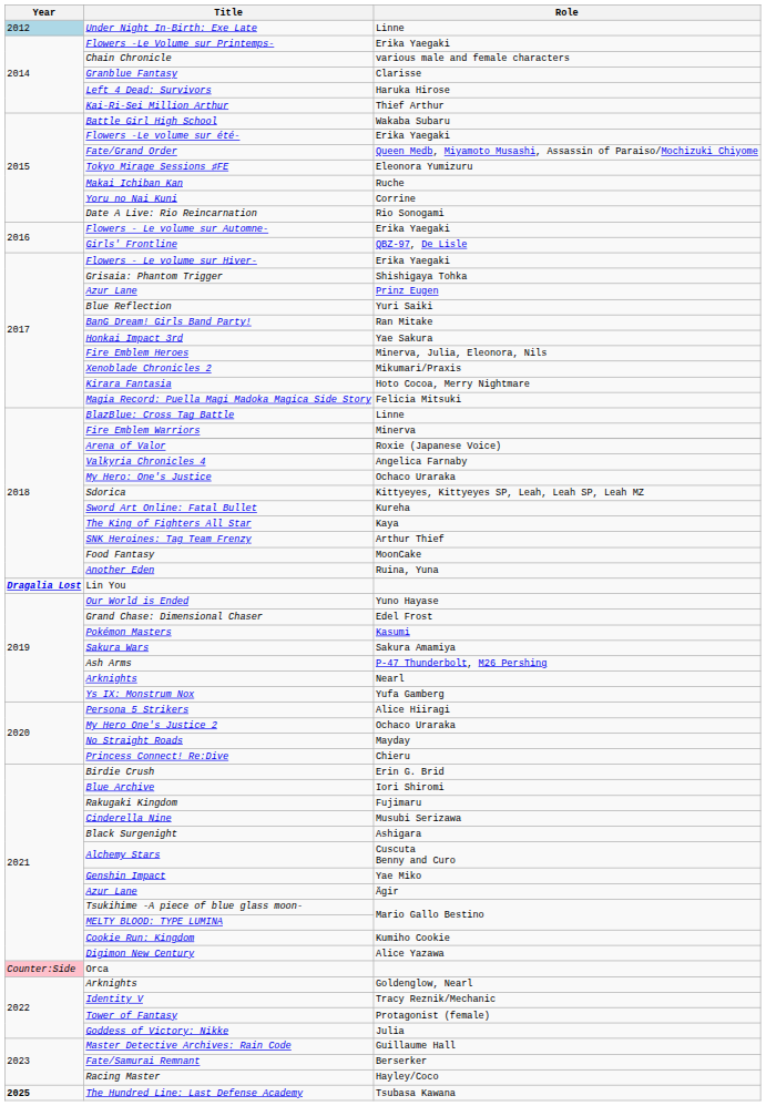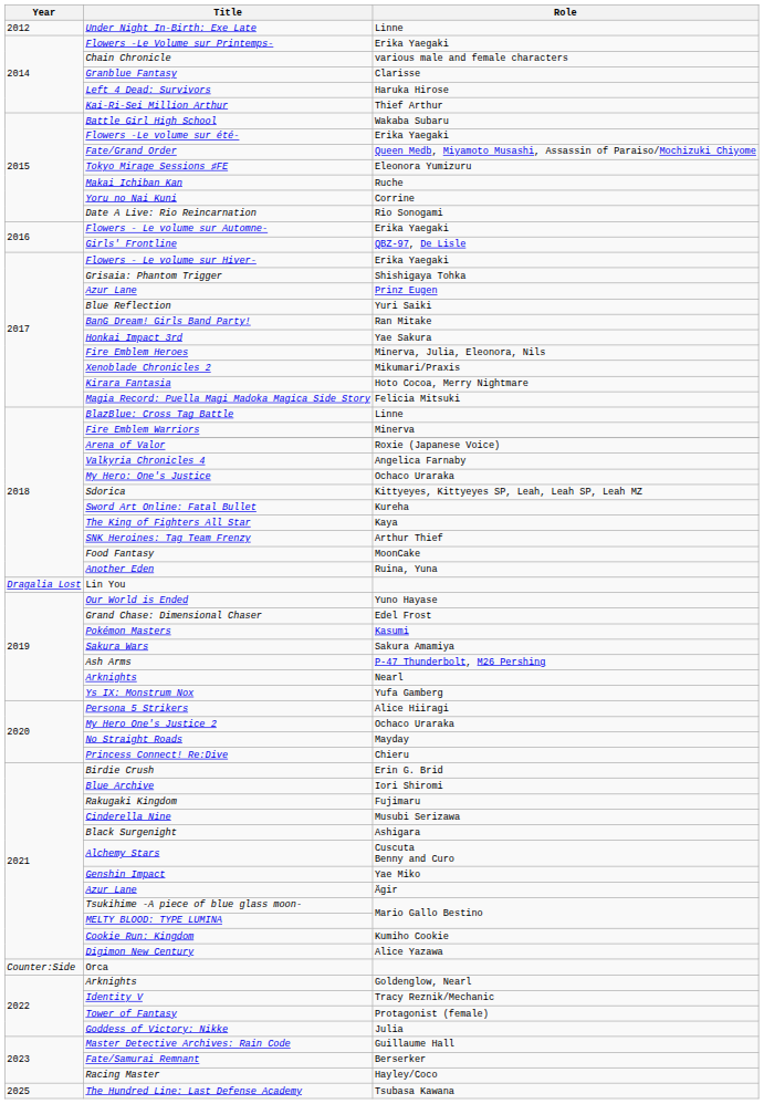 <table class="wikitable">
 <tr>
 <th>Year</th>
 <th>Title</th>
 <th>Role</th>
 </tr>
 <tr>
-<td style="background: lightblue;">2012</td>
+<td>2012</td>
 <td><em><a href='#'>Under Night In-Birth: Exe Late</a></em></td>
 <td>Linne</td>
 </tr>
 <tr>
 <td rowspan="5">2014</td>
 <td><em><a href='#'>Flowers -Le Volume sur Printemps-</a></em></td>
 <td>Erika Yaegaki</td>
 </tr>
 <tr>
 <td><em>Chain Chronicle</em></td>
 <td>various male and female characters</td>
 </tr>
 <tr>
 <td><em><a href='#'>Granblue Fantasy</a></em></td>
 <td>Clarisse</td>
 </tr>
 <tr>
 <td><em><a href='#'>Left 4 Dead: Survivors</a></em></td>
 <td>Haruka Hirose</td>
 </tr>
 <tr>
 <td><em><a href='#'>Kai-Ri-Sei Million Arthur</a></em></td>
 <td>Thief Arthur</td>
 </tr>
 <tr>
 <td rowspan="7">2015</td>
 <td><em><a href='#'>Battle Girl High School</a></em></td>
 <td>Wakaba Subaru</td>
 </tr>
 <tr>
 <td><em><a href='#'>Flowers -Le volume sur été-</a></em></td>
 <td>Erika Yaegaki</td>
 </tr>
 <tr>
 <td><em><a href='#'>Fate/Grand Order</a></em></td>
 <td><a href='#'>Queen Medb</a>, <a href='#'>Miyamoto Musashi</a>, Assassin of Paraiso/<a href='#'>Mochizuki Chiyome</a></td>
 </tr>
 <tr>
 <td><em><a href='#'>Tokyo Mirage Sessions ♯FE</a></em></td>
 <td>Eleonora Yumizuru</td>
 </tr>
 <tr>
 <td><em><a href='#'>Makai Ichiban Kan</a></em></td>
 <td>Ruche</td>
 </tr>
 <tr>
 <td><em><a href='#'>Yoru no Nai Kuni</a></em></td>
 <td>Corrine</td>
 </tr>
 <tr>
 <td><em>Date A Live: Rio Reincarnation</em></td>
 <td>Rio Sonogami</td>
 </tr>
 <tr>
 <td rowspan="2">2016</td>
 <td><em><a href='#'>Flowers - Le volume sur Automne-</a></em></td>
 <td>Erika Yaegaki</td>
 </tr>
 <tr>
 <td><em><a href='#'>Girls' Frontline</a></em></td>
 <td><a href='#'>QBZ-97</a>, <a href='#'>De Lisle</a></td>
 </tr>
 <tr>
 <td rowspan="10">2017</td>
 <td><em><a href='#'>Flowers - Le volume sur Hiver-</a></em></td>
 <td>Erika Yaegaki</td>
 </tr>
 <tr>
 <td><em>Grisaia: Phantom Trigger</em></td>
 <td>Shishigaya Tohka</td>
 </tr>
 <tr>
 <td><em><a href='#'>Azur Lane</a></em></td>
 <td><a href='#'>Prinz Eugen</a></td>
 </tr>
 <tr>
 <td><em>Blue Reflection</em></td>
 <td>Yuri Saiki</td>
 </tr>
 <tr>
 <td><em><a href='#'>BanG Dream! Girls Band Party!</a></em></td>
 <td>Ran Mitake</td>
 </tr>
 <tr>
 <td><em><a href='#'>Honkai Impact 3rd</a></em></td>
 <td>Yae Sakura</td>
 </tr>
 <tr>
 <td><em><a href='#'>Fire Emblem Heroes</a></em></td>
 <td>Minerva, Julia, Eleonora, Nils</td>
 </tr>
 <tr>
 <td><em><a href='#'>Xenoblade Chronicles 2</a></em></td>
 <td>Mikumari/Praxis</td>
 </tr>
 <tr>
 <td><em><a href='#'>Kirara Fantasia</a></em></td>
 <td>Hoto Cocoa, Merry Nightmare</td>
 </tr>
 <tr>
 <td><em><a href='#'>Magia Record: Puella Magi Madoka Magica Side Story</a></em></td>
 <td>Felicia Mitsuki</td>
 </tr>
 <tr>
 <td rowspan="12">2018</td>
 <td><em><a href='#'>BlazBlue: Cross Tag Battle</a></em></td>
 <td>Linne</td>
 </tr>
 <tr>
 <td><em><a href='#'>Fire Emblem Warriors</a></em></td>
 <td>Minerva</td>
 </tr>
 <tr>
 </tr>
 <tr>
 <td><em><a href='#'>Arena of Valor</a></em></td>
 <td>Roxie (Japanese Voice)</td>
 </tr>
 <tr>
 <td><em><a href='#'>Valkyria Chronicles 4</a></em></td>
 <td>Angelica Farnaby</td>
 </tr>
 <tr>
 <td><em><a href='#'>My Hero: One's Justice</a></em></td>
 <td>Ochaco Uraraka</td>
 </tr>
 <tr>
 <td><em>Sdorica</em></td>
 <td>Kittyeyes, Kittyeyes SP, Leah, Leah SP, Leah MZ</td>
 </tr>
 <tr>
 <td><em><a href='#'>Sword Art Online: Fatal Bullet</a></em></td>
 <td>Kureha</td>
 </tr>
 <tr>
 <td><em><a href='#'>The King of Fighters All Star</a></em></td>
 <td>Kaya</td>
 </tr>
 <tr>
 <td><em><a href='#'>SNK Heroines: Tag Team Frenzy</a></em></td>
 <td>Arthur Thief</td>
 </tr>
 <tr>
 <td><em>Food Fantasy</em></td>
 <td>MoonCake</td>
 </tr>
 <tr>
 <td><em><a href='#'>Another Eden</a></em></td>
 <td>Ruina, Yuna</td>
 </tr>
 <tr>
-<td><strong><em><a href='#'>Dragalia Lost</a></em></strong></td>
+<td><em><a href='#'>Dragalia Lost</a></em></td>
 <td>Lin You</td>
 </tr>
 <tr>
 <td rowspan="7">2019</td>
 <td><em><a href='#'>Our World is Ended</a></em></td>
 <td>Yuno Hayase</td>
 </tr>
 <tr>
 <td><em>Grand Chase: Dimensional Chaser</em></td>
 <td>Edel Frost</td>
 </tr>
 <tr>
 <td><em><a href='#'>Pokémon Masters</a></em></td>
 <td><a href='#'>Kasumi</a></td>
 </tr>
 <tr>
 <td><em><a href='#'>Sakura Wars</a></em></td>
 <td>Sakura Amamiya</td>
 </tr>
 <tr>
 <td><em>Ash Arms</em></td>
 <td><a href='#'>P-47 Thunderbolt</a>, <a href='#'>M26 Pershing</a></td>
 </tr>
 <tr>
 <td><em><a href='#'>Arknights</a></em></td>
 <td>Nearl</td>
 </tr>
 <tr>
 <td><em><a href='#'>Ys IX: Monstrum Nox</a></em></td>
 <td>Yufa Gamberg</td>
 </tr>
 <tr>
 <td rowspan="4">2020</td>
 <td><em><a href='#'>Persona 5 Strikers</a></em></td>
 <td>Alice Hiiragi</td>
 </tr>
 <tr>
 <td><em><a href='#'>My Hero One's Justice 2</a></em></td>
 <td>Ochaco Uraraka</td>
 </tr>
 <tr>
 <td><em><a href='#'>No Straight Roads</a></em></td>
 <td>Mayday</td>
 </tr>
 <tr>
 <td><em><a href='#'>Princess Connect! Re:Dive</a></em></td>
 <td>Chieru</td>
 </tr>
 <tr>
 <td rowspan="12">2021</td>
 <td><em>Birdie Crush</em></td>
 <td>Erin G. Brid</td>
 </tr>
 <tr>
 <td><em><a href='#'>Blue Archive</a></em></td>
 <td>Iori Shiromi</td>
 </tr>
 <tr>
 <td><em>Rakugaki Kingdom</em></td>
 <td>Fujimaru</td>
 </tr>
 <tr>
 <td><em><a href='#'>Cinderella Nine</a></em></td>
 <td>Musubi Serizawa</td>
 </tr>
 <tr>
 <td><em>Black Surgenight</em></td>
 <td>Ashigara</td>
 </tr>
 <tr>
 <td><em><a href='#'>Alchemy Stars</a></em></td>
 <td>Cuscuta<br>Benny and Curo</td>
 </tr>
 <tr>
 <td><em><a href='#'>Genshin Impact</a></em></td>
 <td>Yae Miko</td>
 </tr>
 <tr>
 <td><em><a href='#'>Azur Lane</a></em></td>
 <td>Ägir</td>
 </tr>
 <tr>
 <td><em>Tsukihime -A piece of blue glass moon-</em></td>
 <td rowspan="2">Mario Gallo Bestino</td>
 </tr>
 <tr>
 <td><em><a href='#'>MELTY BLOOD: TYPE LUMINA</a></em></td>
 </tr>
 <tr>
 <td><em><a href='#'>Cookie Run: Kingdom</a></em></td>
 <td>Kumiho Cookie</td>
 </tr>
 <tr>
 <td><em><a href='#'>Digimon New Century</a></em></td>
 <td>Alice Yazawa</td>
 </tr>
 <tr>
-<td style="background: pink;"><em>Counter:Side</em></td>
+<td><em>Counter:Side</em></td>
 <td>Orca</td>
 </tr>
 <tr>
 <td rowspan="4">2022</td>
 <td><em>Arknights</em></td>
 <td>Goldenglow, Nearl</td>
 </tr>
 <tr>
 <td><em><a href='#'>Identity V</a></em></td>
 <td>Tracy Reznik/Mechanic</td>
 </tr>
 <tr>
 <td><em><a href='#'>Tower of Fantasy</a></em></td>
 <td>Protagonist (female)</td>
 </tr>
 <tr>
 <td><em><a href='#'>Goddess of Victory: Nikke</a></em></td>
 <td>Julia</td>
 </tr>
 <tr>
 <td rowspan="3">2023</td>
 <td><em><a href='#'>Master Detective Archives: Rain Code</a></em></td>
 <td>Guillaume Hall</td>
 </tr>
 <tr>
 <td><em><a href='#'>Fate/Samurai Remnant</a></em></td>
 <td>Berserker</td>
 </tr>
 <tr>
 <td><em>Racing Master</em></td>
 <td>Hayley/Coco</td>
 </tr>
 <tr>
-<td><strong>2025</strong></td>
+<td>2025</td>
 <td><em><a href='#'>The Hundred Line: Last Defense Academy</a></em></td>
 <td>Tsubasa Kawana</td>
 </tr>
 </table>
